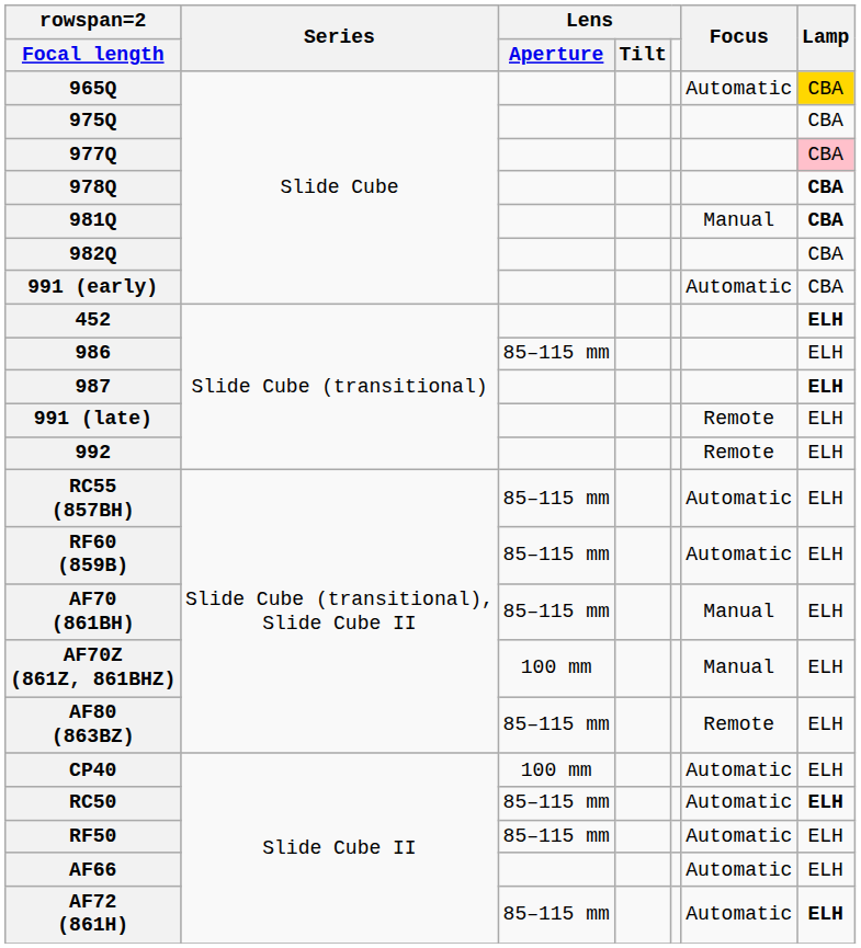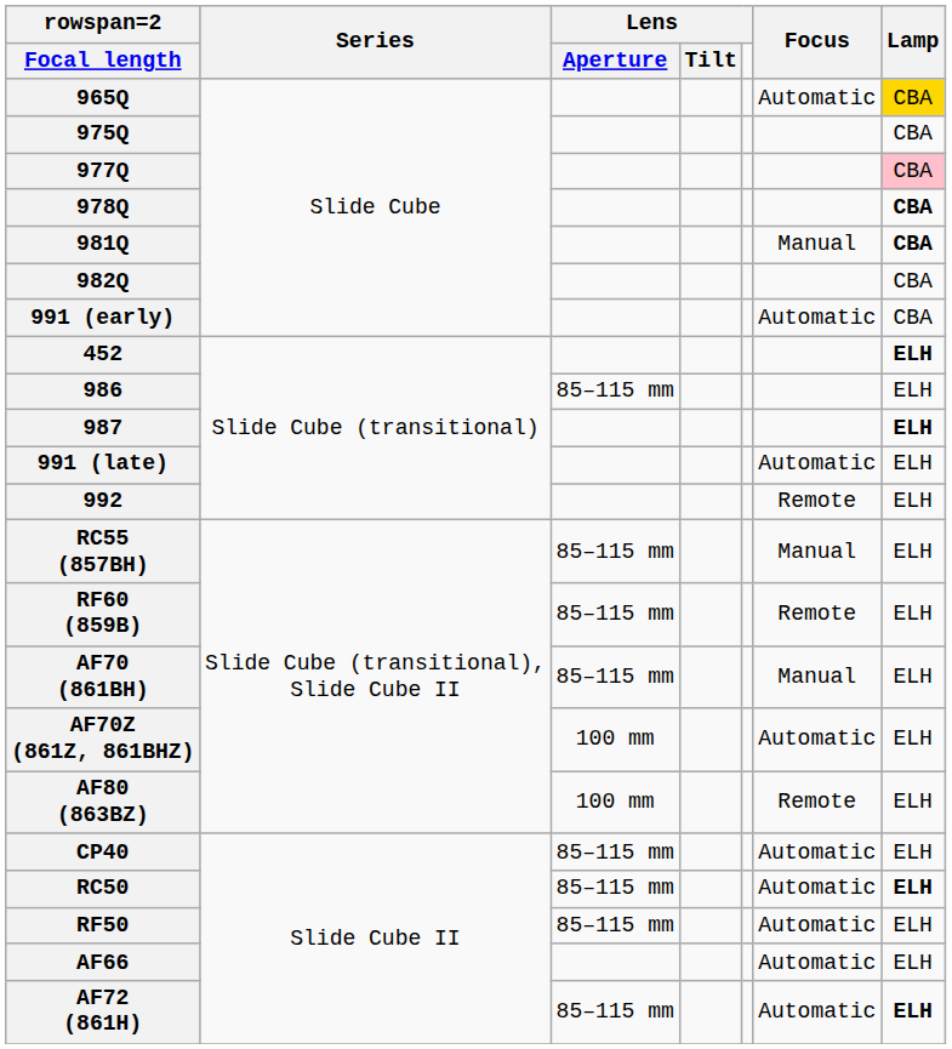 <table class="wikitable sortable" style="font-size:90%;text-align:center;">
 <tr>
 <th>rowspan=2 </th>
 <th rowspan=2>Series</th>
 <th colspan=3>Lens</th>
 <th rowspan=2>Focus</th>
 <th rowspan=2>Lamp</th>
 </tr>
 <tr>
 <th><a href='#'>Focal length</a></th>
 <th><a href='#'>Aperture</a></th>
 <th>Tilt</th>
 </tr>
 <tr>
 <th>965Q</th>
 <td rowspan=7>Slide Cube</td>
 <td></td>
 <td></td>
 <td></td>
 <td>Automatic</td>
 <td style="background: gold;">CBA</td>
 </tr>
 <tr>
 <th>975Q</th>
 <td></td>
 <td></td>
 <td></td>
 <td></td>
 <td>CBA</td>
 </tr>
 <tr>
 <th>977Q</th>
 <td></td>
 <td></td>
 <td></td>
 <td></td>
 <td style="background: pink;">CBA</td>
 </tr>
 <tr>
 <th>978Q</th>
 <td></td>
 <td></td>
 <td></td>
 <td></td>
 <td><strong>CBA</strong></td>
 </tr>
 <tr>
 <th>981Q</th>
 <td></td>
 <td></td>
 <td></td>
 <td>Manual</td>
 <td><strong>CBA</strong></td>
 </tr>
 <tr>
 <th>982Q</th>
 <td></td>
 <td></td>
 <td></td>
 <td></td>
 <td>CBA</td>
 </tr>
 <tr>
 <th>991 (early)</th>
 <td></td>
 <td></td>
 <td></td>
 <td>Automatic</td>
 <td>CBA</td>
 </tr>
 <tr>
 <th>452</th>
 <td rowspan=5>Slide Cube (transitional)</td>
 <td></td>
 <td></td>
 <td></td>
 <td></td>
 <td><strong>ELH</strong></td>
 </tr>
 <tr>
 <th>986</th>
 <td>85–115 mm</td>
 <td></td>
 <td></td>
 <td></td>
 <td>ELH</td>
 </tr>
 <tr>
 <th>987</th>
 <td></td>
 <td></td>
 <td></td>
 <td></td>
 <td><strong>ELH</strong></td>
 </tr>
 <tr>
 <th>991 (late)</th>
 <td></td>
 <td></td>
 <td></td>
-<td>Remote</td>
+<td>Automatic</td>
 <td>ELH</td>
 </tr>
 <tr>
 <th>992</th>
 <td></td>
 <td></td>
 <td></td>
 <td>Remote</td>
 <td>ELH</td>
 </tr>
 <tr>
 <th>RC55<br>(857BH)</th>
 <td rowspan=5>Slide Cube (transitional),<br>Slide Cube II</td>
 <td>85–115 mm</td>
 <td></td>
 <td></td>
-<td>Automatic</td>
+<td>Manual</td>
 <td>ELH</td>
 </tr>
 <tr>
 <th>RF60<br>(859B)</th>
 <td>85–115 mm</td>
 <td></td>
 <td></td>
-<td>Automatic</td>
+<td>Remote</td>
 <td>ELH</td>
 </tr>
 <tr>
 <th>AF70<br>(861BH)</th>
 <td>85–115 mm</td>
 <td></td>
 <td></td>
 <td>Manual</td>
 <td>ELH</td>
 </tr>
 <tr>
 <th>AF70Z<br>(861Z, 861BHZ)</th>
 <td>100 mm</td>
 <td></td>
 <td></td>
-<td>Manual</td>
+<td>Automatic</td>
 <td>ELH</td>
 </tr>
 <tr>
 <th>AF80<br>(863BZ)</th>
-<td>85–115 mm</td>
+<td>100 mm</td>
 <td></td>
 <td></td>
 <td>Remote</td>
 <td>ELH</td>
 </tr>
 <tr>
 <th>CP40</th>
 <td rowspan=5>Slide Cube II</td>
-<td>100 mm</td>
+<td>85–115 mm</td>
 <td></td>
 <td></td>
 <td>Automatic</td>
 <td>ELH</td>
 </tr>
 <tr>
 <th>RC50</th>
 <td>85–115 mm</td>
 <td></td>
 <td></td>
 <td>Automatic</td>
 <td><strong>ELH</strong></td>
 </tr>
 <tr>
 <th>RF50</th>
 <td>85–115 mm</td>
 <td></td>
 <td></td>
 <td>Automatic</td>
 <td>ELH</td>
 </tr>
 <tr>
 <th>AF66</th>
 <td></td>
 <td></td>
 <td></td>
 <td>Automatic</td>
 <td>ELH</td>
 </tr>
 <tr>
 <th>AF72<br>(861H)</th>
 <td>85–115 mm</td>
 <td></td>
 <td></td>
 <td>Automatic</td>
 <td><strong>ELH</strong></td>
 </tr>
 </table>
